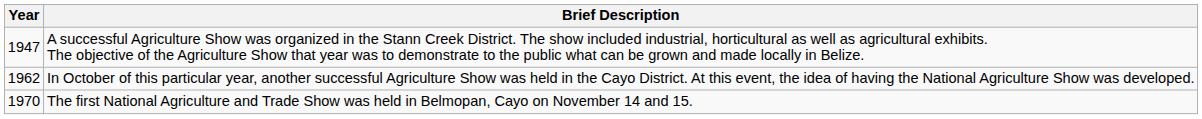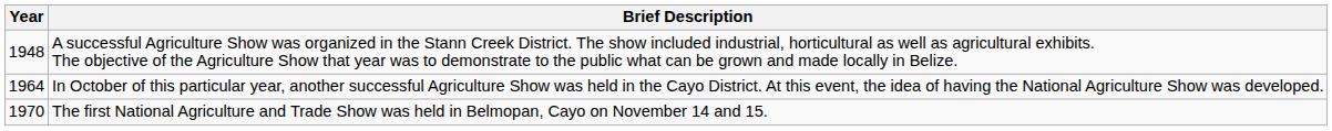 <table class="wikitable">
 <tr>
 <th>Year</th>
 <th>Brief Description</th>
 </tr>
 <tr>
-<td>1947</td>
+<td>1948</td>
 <td>A successful Agriculture Show was organized in the Stann Creek District. The show included industrial, horticultural as well as agricultural exhibits.<br>The objective of the Agriculture Show that year was to demonstrate to the public what can be grown and made locally in Belize.</td>
 </tr>
 <tr>
-<td>1962</td>
+<td>1964</td>
 <td>In October of this particular year, another successful Agriculture Show was held in the Cayo District. At this event, the idea of having the National Agriculture Show was developed.</td>
 </tr>
 <tr>
 <td>1970</td>
 <td>The first National Agriculture and Trade Show was held in Belmopan, Cayo on November 14 and 15.</td>
 </tr>
 </table>
